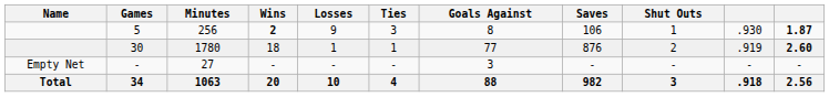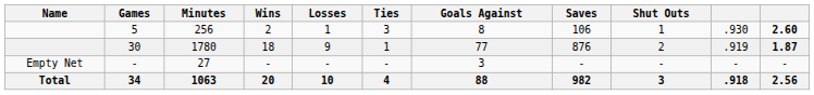 <table class="wikitable sortable" width ="1000">
 <tr align="center">
 <th>Name</th>
 <th>Games</th>
 <th>Minutes</th>
 <th>Wins</th>
 <th>Losses</th>
 <th>Ties</th>
 <th>Goals Against</th>
 <th>Saves</th>
 <th>Shut Outs</th>
 <th><a href='#'></a></th>
 <th><a href='#'></a></th>
 </tr>
 <tr align="center" bgcolor="">
 <td></td>
 <td>5</td>
 <td>256</td>
-<td><strong>2</strong></td>
-<td>9</td>
+<td>2</td>
+<td>1</td>
 <td>3</td>
 <td>8</td>
 <td>106</td>
 <td>1</td>
 <td>.930</td>
-<td><strong>1.87</strong></td>
+<td><strong>2.60</strong></td>
 </tr>
 <tr align="center" bgcolor="f0f0f0">
 <td></td>
 <td>30</td>
 <td>1780</td>
 <td>18</td>
-<td>1</td>
+<td>9</td>
 <td>1</td>
 <td>77</td>
 <td>876</td>
 <td>2</td>
 <td>.919</td>
-<td><strong>2.60</strong></td>
+<td><strong>1.87</strong></td>
 </tr>
 <tr align="center" bgcolor="">
 <td>Empty Net</td>
 <td>-</td>
 <td>27</td>
 <td>-</td>
 <td>-</td>
 <td>-</td>
 <td>3</td>
 <td>-</td>
 <td>-</td>
 <td>-</td>
 <td>-</td>
 </tr>
 <tr>
 <th>Total</th>
 <th>34</th>
 <th>1063</th>
 <th>20</th>
 <th>10</th>
 <th>4</th>
 <th>88</th>
 <th>982</th>
 <th>3</th>
 <th>.918</th>
 <th>2.56</th>
 </tr>
 </table>
